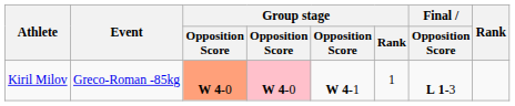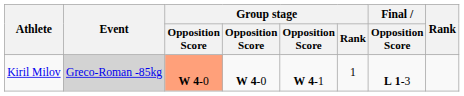 <table class="wikitable" style="font-size:90%">
 <tr>
 <th rowspan=2>Athlete</th>
 <th rowspan=2>Event</th>
 <th colspan=4>Group stage</th>
 <th>Final / </th>
 <th rowspan=2>Rank</th>
 </tr>
 <tr style="font-size:95%">
 <th>Opposition<br>Score</th>
 <th>Opposition<br>Score</th>
 <th>Opposition<br>Score</th>
 <th>Rank</th>
 <th>Opposition<br>Score</th>
 </tr>
 <tr align=center>
 <td align=left><a href='#'>Kiril Milov</a></td>
-<td align=left><a href='#'>Greco-Roman -85kg</a></td>
+<td align=left style="background: lightgrey;"><a href='#'>Greco-Roman -85kg</a></td>
 <td style="background: lightsalmon;"><br><strong>W</strong> <strong>4</strong>-0 <sup></sup></td>
-<td style="background: pink;"><br><strong>W</strong> <strong>4</strong>-0 <sup></sup></td>
+<td><br><strong>W</strong> <strong>4</strong>-0 <sup></sup></td>
 <td><br><strong>W</strong> <strong>4</strong>-1 <sup></sup></td>
 <td>1 </td>
 <td><br><strong>L</strong> <strong>1</strong>-3 <sup></sup></td>
 <td></td>
 </tr>
 </table>
